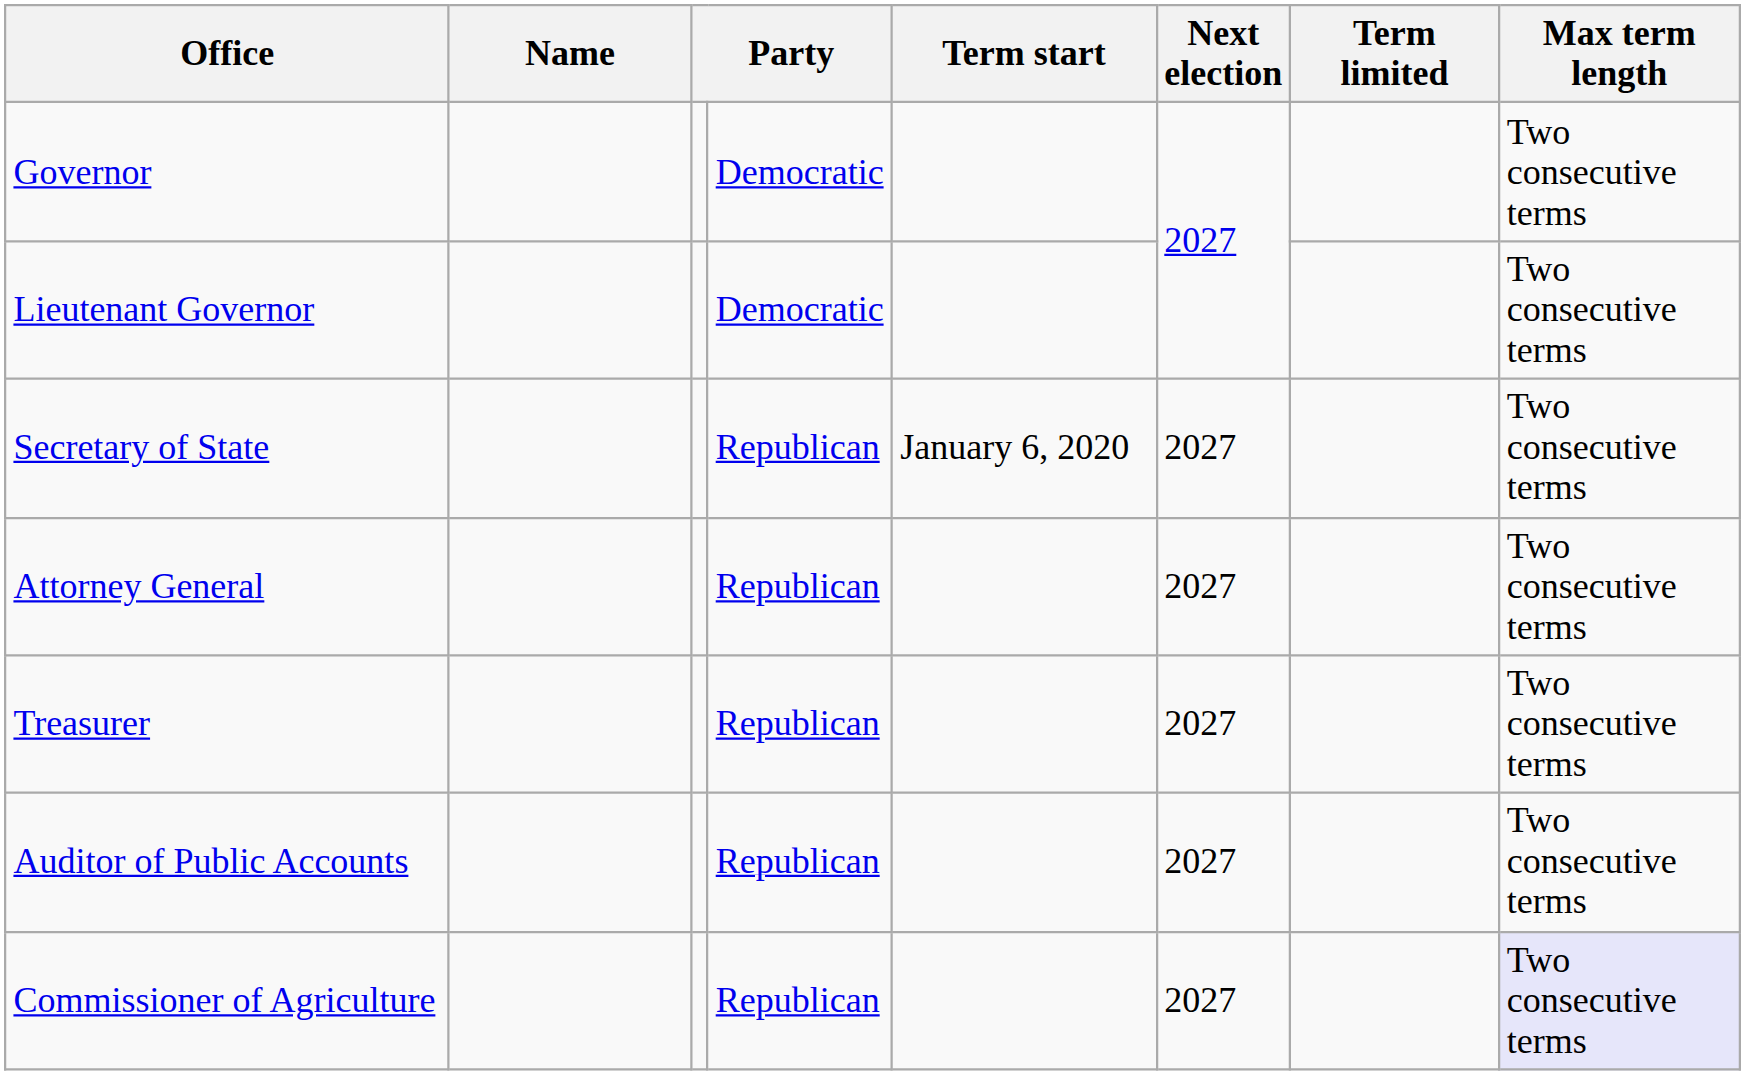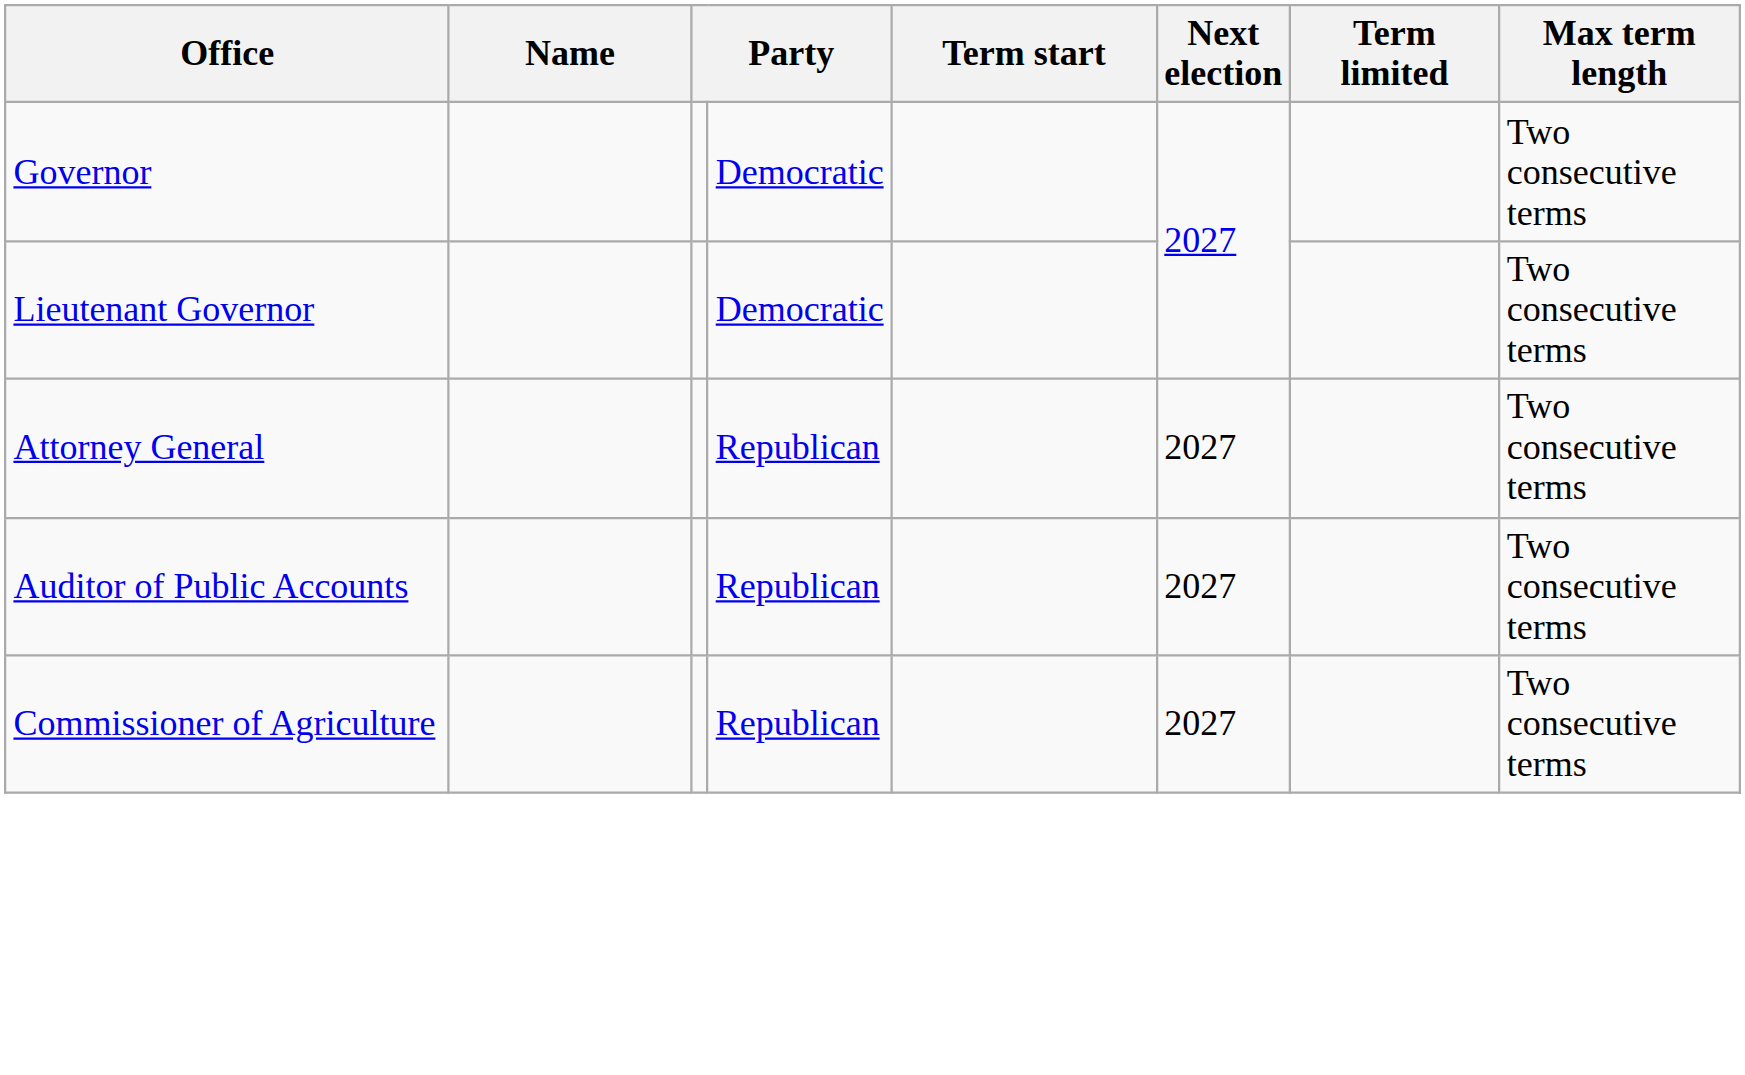 <table class="sortable wikitable">
 <tr>
 <th scope="col" width=190>Office</th>
 <th scope="col" width=100>Name</th>
 <th scope="col" width=75 colspan=2>Party</th>
 <th scope="col" width=110>Term start</th>
 <th scope="col" width=50>Next election</th>
 <th scope="col" width=85>Term limited</th>
 <th scope="col" width=100>Max term length</th>
 </tr>
 <tr>
 <td><a href='#'>Governor</a></td>
 <td></td>
 <td style="background-color:"></td>
 <td><a href='#'>Democratic</a></td>
 <td></td>
 <td rowspan=2><a href='#'>2027</a></td>
 <td></td>
 <td>Two consecutive terms</td>
 </tr>
 <tr>
 <td><a href='#'>Lieutenant Governor</a></td>
 <td></td>
 <td style="background-color:"></td>
 <td><a href='#'>Democratic</a></td>
 <td></td>
 <td></td>
 <td>Two consecutive terms</td>
 </tr>
 <tr>
-<td><a href='#'>Secretary of State</a></td>
-<td></td>
-<td style="background-color:"></td>
-<td><a href='#'>Republican</a></td>
-<td>January 6, 2020</td>
-<td>2027</td>
-<td></td>
-<td>Two consecutive terms</td>
-</tr>
-<tr>
 <td><a href='#'>Attorney General</a></td>
-<td></td>
-<td style="background-color:"></td>
-<td><a href='#'>Republican</a></td>
-<td></td>
-<td>2027</td>
-<td></td>
-<td>Two consecutive terms</td>
-</tr>
-<tr>
-<td><a href='#'>Treasurer</a></td>
 <td></td>
 <td style="background-color:"></td>
 <td><a href='#'>Republican</a></td>
 <td></td>
 <td>2027</td>
 <td></td>
 <td>Two consecutive terms</td>
 </tr>
 <tr>
 <td><a href='#'>Auditor of Public Accounts</a></td>
 <td></td>
 <td style="background-color:"></td>
 <td><a href='#'>Republican</a></td>
 <td></td>
 <td>2027</td>
 <td></td>
 <td>Two consecutive terms</td>
 </tr>
 <tr>
 <td><a href='#'>Commissioner of Agriculture</a></td>
 <td></td>
 <td style="background-color:"></td>
 <td><a href='#'>Republican</a></td>
 <td></td>
 <td>2027</td>
 <td></td>
-<td style="background: lavender;">Two consecutive terms</td>
+<td>Two consecutive terms</td>
 </tr>
 </table>
